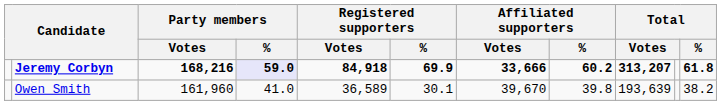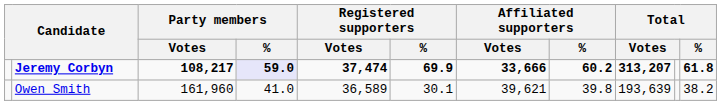 <table class="wikitable" style="font-size:95%;">
 <tr>
 <th colspan="2" scope="col" rowspan="2" width="125">Candidate</th>
 <th scope="col" colspan="2" width="150">Party members</th>
 <th scope="col" colspan="2" width="150">Registered supporters</th>
 <th scope="col" colspan="2" width="150">Affiliated supporters</th>
 <th scope="col" colspan="3" width="75">Total</th>
 </tr>
 <tr>
 <th>Votes</th>
 <th>%</th>
 <th>Votes</th>
 <th>%</th>
 <th>Votes</th>
 <th>%</th>
 <th scope="col" colspan="2">Votes</th>
 <th>%</th>
 </tr>
 <tr align="right">
 <td style="background-color: "></td>
 <td scope="row" align="left"><strong><a href='#'>Jeremy Corbyn</a></strong> </td>
-<td><strong>168,216</strong></td>
+<td><strong>108,217</strong></td>
 <td style="background: lavender;"><strong>59.0</strong></td>
-<td><strong>84,918</strong></td>
+<td><strong>37,474</strong></td>
 <td><strong>69.9</strong></td>
 <td><strong>33,666</strong></td>
 <td><strong>60.2</strong></td>
 <td><strong>313,207</strong></td>
 <td align=center></td>
 <td><strong>61.8</strong></td>
 </tr>
 <tr align="right">
 <td style="background-color: "></td>
 <td scope="row" align="left"><a href='#'>Owen Smith</a></td>
 <td>161,960</td>
 <td>41.0</td>
 <td>36,589</td>
 <td>30.1</td>
-<td>39,670</td>
+<td>39,621</td>
 <td>39.8</td>
 <td>193,639</td>
 <td align=center></td>
 <td>38.2</td>
 </tr>
 </table>
